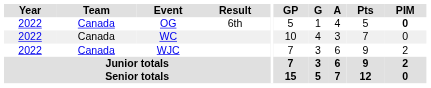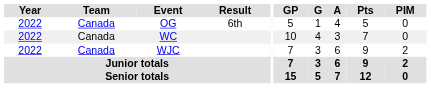 <table border="0" cellpadding="1" cellspacing="0" ID="Table3" style="text-align:center; width:40em">
 <tr ALIGN="center" bgcolor="#e0e0e0">
 <th>Year</th>
 <th>Team</th>
 <th>Event</th>
 <th>Result</th>
 <th rowspan="99" bgcolor="#ffffff"></th>
 <th>GP</th>
 <th>G</th>
 <th>A</th>
 <th>Pts</th>
 <th>PIM</th>
 </tr>
 <tr>
 <td><a href='#'>2022</a></td>
 <td><a href='#'>Canada</a></td>
 <td><a href='#'>OG</a></td>
 <td>6th</td>
 <td>5</td>
 <td>1</td>
 <td>4</td>
 <td>5</td>
-<td><strong>0</strong></td>
+<td>0</td>
 </tr>
 <tr bgcolor="#f0f0f0">
 <td><a href='#'>2022</a></td>
 <td>Canada</td>
 <td><a href='#'>WC</a></td>
 <td></td>
 <td>10</td>
 <td>4</td>
 <td>3</td>
 <td>7</td>
 <td>0</td>
 </tr>
 <tr>
 <td><a href='#'>2022</a></td>
 <td><a href='#'>Canada</a></td>
 <td><a href='#'>WJC</a></td>
 <td></td>
 <td>7</td>
 <td>3</td>
 <td>6</td>
 <td>9</td>
 <td>2</td>
 </tr>
 <tr bgcolor="#e0e0e0">
 <th colspan=4>Junior totals</th>
 <th>7</th>
 <th>3</th>
 <th>6</th>
 <th>9</th>
 <th>2</th>
 </tr>
 <tr bgcolor="#e0e0e0">
 <th colspan=4>Senior totals</th>
 <th>15</th>
 <th>5</th>
 <th>7</th>
 <th>12</th>
 <th>0</th>
 </tr>
 </table>
